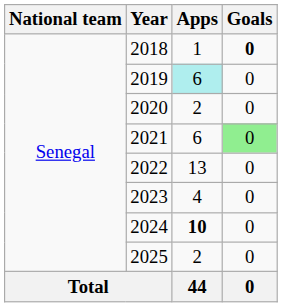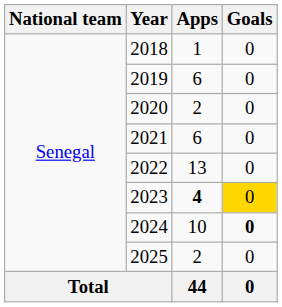 <table class="wikitable" style="text-align: center;">
 <tr>
 <th>National team</th>
 <th>Year</th>
 <th>Apps</th>
 <th>Goals</th>
 </tr>
 <tr>
 <td rowspan="8"><a href='#'>Senegal</a></td>
 <td>2018</td>
 <td>1</td>
-<td><strong>0</strong></td>
+<td>0</td>
 </tr>
 <tr>
 <td>2019</td>
-<td style="background: paleturquoise;">6</td>
+<td>6</td>
 <td>0</td>
 </tr>
 <tr>
 <td>2020</td>
 <td>2</td>
 <td>0</td>
 </tr>
 <tr>
 <td>2021</td>
 <td>6</td>
-<td style="background: lightgreen;">0</td>
+<td>0</td>
 </tr>
 <tr>
 <td>2022</td>
 <td>13</td>
 <td>0</td>
 </tr>
 <tr>
 <td>2023</td>
-<td>4</td>
-<td>0</td>
+<td><strong>4</strong></td>
+<td style="background: gold;">0</td>
 </tr>
 <tr>
 <td>2024</td>
-<td><strong>10</strong></td>
-<td>0</td>
+<td>10</td>
+<td><strong>0</strong></td>
 </tr>
 <tr>
 <td>2025</td>
 <td>2</td>
 <td>0</td>
 </tr>
 <tr>
 <th colspan="2">Total</th>
 <th>44</th>
 <th>0</th>
 </tr>
 </table>
